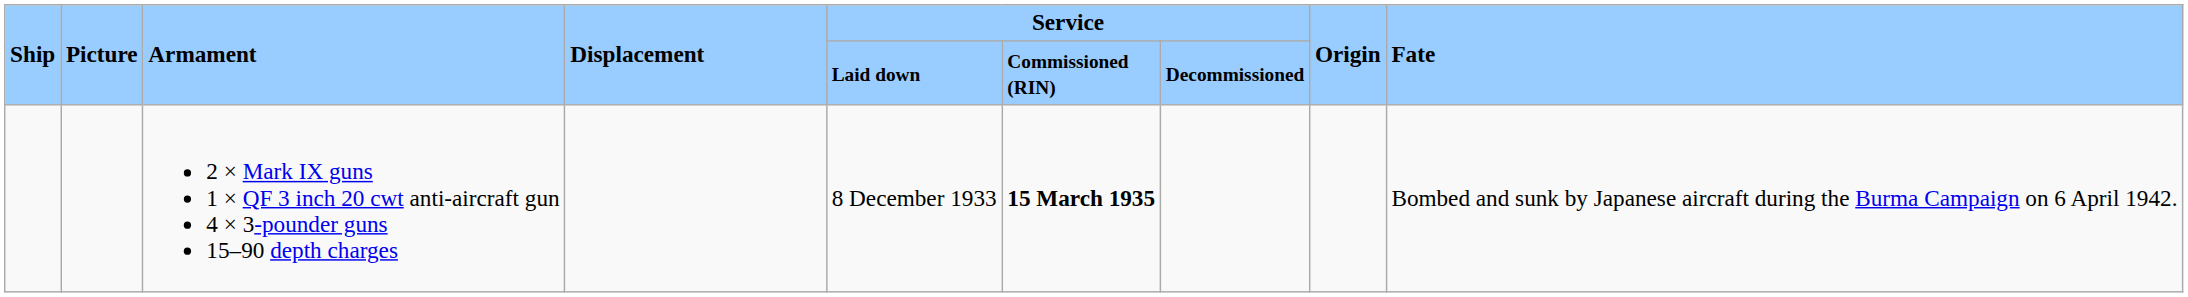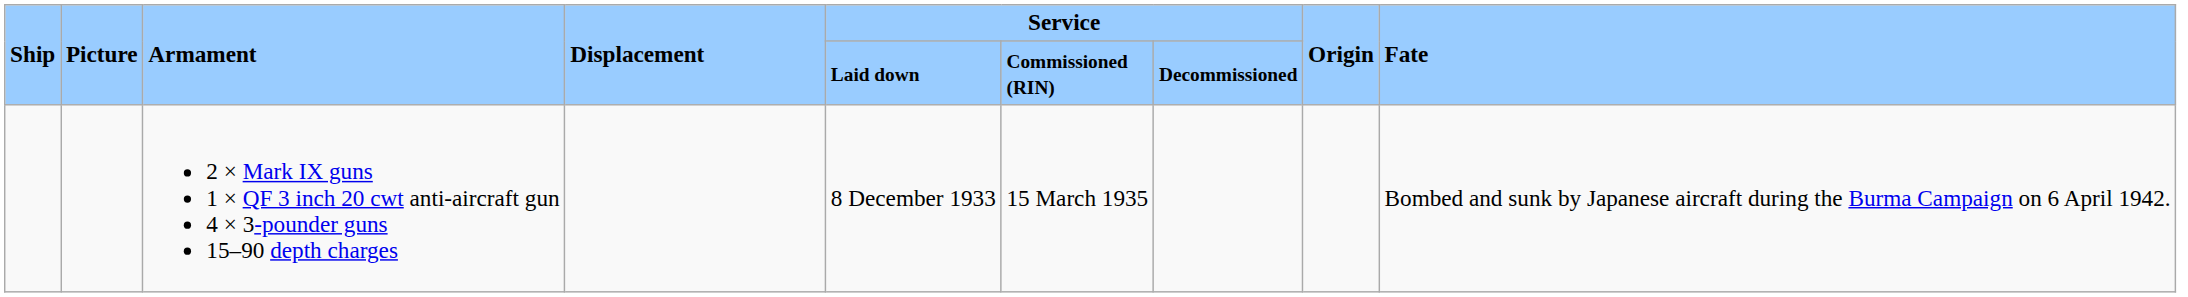 <table class="wikitable">
 <tr>
 <th align= center scope=col rowspan=2 style="text-align:left; background:#9cf;"><div>Ship</div></th>
 <th align= center scope=col rowspan=2 style="text-align:left; background:#9cf;"><div>Picture</div></th>
 <th align= center scope=col rowspan=2 style="text-align:left; background:#9cf;"><div>Armament</div></th>
 <th align= center scope=col rowspan=2 style="text-align:left; width:12%; background:#9cf;"><div>Displacement</div></th>
 <th align= center scope=col colspan=3 style="text-align:center; background:#9cf;"><div>Service</div></th>
 <th align= center scope=col rowspan=2 style="text-align:left; background:#9cf;"><div>Origin</div></th>
 <th align= center scope=col rowspan=2 style="text-align:left; background:#9cf;"><div>Fate</div></th>
 </tr>
 <tr>
 <th align= center scope=col style="text-align:left; background:#9cf;"><div><small>Laid down</small></div></th>
 <th align= center scope=col style="text-align:left; background:#9cf;"><div><small>Commissioned<br>(RIN)</small></div></th>
 <th align= center scope=col style="text-align:left; background:#9cf;"><div><small>Decommissioned</small></div></th>
 </tr>
 <tr>
 <td></td>
 <td></td>
 <td><br><ul><li>2 × <a href='#'> Mark IX guns</a></li><li>1 × <a href='#'>QF 3 inch 20 cwt</a> anti-aircraft gun</li><li>4 × 3<a href='#'>-pounder guns</a></li><li>15–90 <a href='#'>depth charges</a></li></ul></td>
 <td></td>
 <td>8 December 1933</td>
-<td><strong>15 March 1935</strong></td>
+<td>15 March 1935</td>
 <td></td>
 <td></td>
 <td>Bombed and sunk by Japanese aircraft during the <a href='#'>Burma Campaign</a> on 6 April 1942.</td>
 </tr>
 </table>
